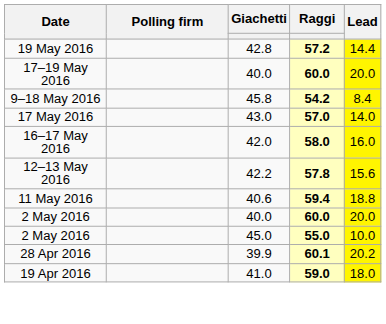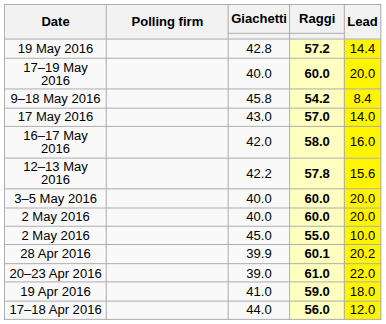 <table class="wikitable collapsible" style="text-align:center;font-size:85%;line-height:13px">
 <tr style="height:30px; background-color:#E9E9E9">
 <th style="width:100px;" rowspan="2">Date</th>
 <th style="width:120px;" rowspan="2">Polling firm</th>
 <th style="width:50px;">Giachetti</th>
 <th style="width:50px;">Raggi</th>
 <th style="width:25px;" rowspan="2">Lead</th>
 </tr>
 <tr>
 <th style="background:"></th>
 <th style="background:"></th>
 </tr>
 <tr>
 <td>19 May 2016</td>
 <td></td>
 <td>42.8</td>
 <td style="background:#FFFFBF"><strong>57.2</strong></td>
 <td style="background:#FFF500; color:black;">14.4</td>
 </tr>
 <tr>
 <td>17–19 May 2016</td>
 <td></td>
 <td>40.0</td>
 <td style="background:#FFFFBF"><strong>60.0</strong></td>
 <td style="background:#FFF500; color:black;">20.0</td>
 </tr>
 <tr>
 <td>9–18 May 2016</td>
 <td></td>
 <td>45.8</td>
 <td style="background:#FFFFBF"><strong>54.2</strong></td>
 <td style="background:#FFF500; color:black;">8.4</td>
 </tr>
 <tr>
 <td>17 May 2016</td>
 <td></td>
 <td>43.0</td>
 <td style="background:#FFFFBF"><strong>57.0</strong></td>
 <td style="background:#FFF500; color:black;">14.0</td>
 </tr>
 <tr>
 <td>16–17 May 2016</td>
 <td></td>
 <td>42.0</td>
 <td style="background:#FFFFBF"><strong>58.0</strong></td>
 <td style="background:#FFF500; color:black;">16.0</td>
 </tr>
 <tr>
 <td>12–13 May 2016</td>
 <td></td>
 <td>42.2</td>
 <td style="background:#FFFFBF"><strong>57.8</strong></td>
 <td style="background:#FFF500; color:black;">15.6</td>
 </tr>
 <tr>
-<td>11 May 2016</td>
+<td>3–5 May 2016</td>
 <td></td>
-<td>40.6</td>
-<td style="background:#FFFFBF"><strong>59.4</strong></td>
-<td style="background:#FFF500; color:black;">18.8</td>
+<td>40.0</td>
+<td style="background:#FFFFBF"><strong>60.0</strong></td>
+<td style="background:#FFF500; color:black;">20.0</td>
 </tr>
 <tr>
 <td>2 May 2016</td>
 <td></td>
 <td>40.0</td>
 <td style="background:#FFFFBF"><strong>60.0</strong></td>
 <td style="background:#FFF500; color:black;">20.0</td>
 </tr>
 <tr>
 <td>2 May 2016</td>
 <td></td>
 <td>45.0</td>
 <td style="background:#FFFFBF"><strong>55.0</strong></td>
 <td style="background:#FFF500; color:black;">10.0</td>
 </tr>
 <tr>
 <td>28 Apr 2016</td>
 <td></td>
 <td>39.9</td>
 <td style="background:#FFFFBF"><strong>60.1</strong></td>
 <td style="background:#FFF500; color:black;">20.2</td>
 </tr>
 <tr>
+<td>20–23 Apr 2016</td>
+<td></td>
+<td>39.0</td>
+<td style="background:#FFFFBF"><strong>61.0</strong></td>
+<td style="background:#FFF500; color:black;">22.0</td>
+</tr>
+<tr>
 <td>19 Apr 2016</td>
 <td></td>
 <td>41.0</td>
 <td style="background:#FFFFBF"><strong>59.0</strong></td>
 <td style="background:#FFF500; color:black;">18.0</td>
 </tr>
+<tr>
+<td>17–18 Apr 2016</td>
+<td></td>
+<td>44.0</td>
+<td style="background:#FFFFBF"><strong>56.0</strong></td>
+<td style="background:#FFF500; color:black;">12.0</td>
+</tr>
 </table>
